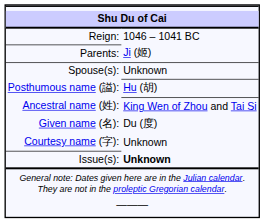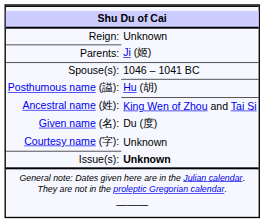 <table cellpadding=3px cellspacing=0px bgcolor=#f7f8ff style="float:right; border:2px solid; margin:5px">
 <tr>
 <td colspan=2 align=center style="border-top:2px solid"></td>
 </tr>
 <tr>
 <th align=center style="background:#ccf; border-bottom:2px solid" colspan=2>Shu Du of Cai</th>
 </tr>
 <tr>
 <td align=right style="border-top:1px solid">Reign:</td>
-<td style="border-top:1px solid">1046 – 1041 BC</td>
+<td style="border-top:1px solid">Unknown</td>
 </tr>
 <tr>
 <td align=right style="border-top:1px solid">Parents:</td>
 <td><a href='#'>Ji</a> (姬)</td>
 </tr>
 <tr>
 <td align=right style="border-top:1px solid">Spouse(s):</td>
-<td style="border-top:1px solid">Unknown</td>
+<td style="border-top:1px solid">1046 – 1041 BC</td>
 </tr>
 <tr>
 <td align="right" nowrap="nowrap"><a href='#'>Posthumous name</a> (謚):</td>
 <td style="border-top:1px solid"><a href='#'>Hu</a> (胡)</td>
 </tr>
 <tr>
 <td align="right"><a href='#'>Ancestral name</a> (姓):</td>
 <td style="border-top:1px solid"><a href='#'>King Wen of Zhou</a> and <a href='#'>Tai Si</a></td>
 </tr>
 <tr>
 <td align="right"><a href='#'>Given name</a> (名):</td>
 <td>Du (度)</td>
 </tr>
 <tr>
 <td align="right"><a href='#'>Courtesy name</a> (字):</td>
 <td>Unknown</td>
 </tr>
 <tr>
 <td align=right style="border-top:1px solid">Issue(s):</td>
 <td><strong>Unknown</strong></td>
 </tr>
 <tr>
 <td colspan=2 align=center style="border-top:3px solid"><small><em>General note: Dates given here are in the <a href='#'>Julian calendar</a></em>.<br><em>They are not in the <a href='#'>proleptic Gregorian calendar</a></em>.</small></td>
 </tr>
 <tr>
 <td colspan=2 align=center>———</td>
 </tr>
 <tr>
 <td></td>
 </tr>
 <tr>
 </tr>
 </table>
